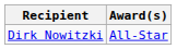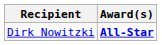 <table class="wikitable">
 <tr>
 <th>Recipient</th>
 <th>Award(s)</th>
 </tr>
 <tr>
 <td><a href='#'>Dirk Nowitzki</a></td>
-<td><a href='#'>All-Star</a></td>
+<td><strong><a href='#'>All-Star</a></strong></td>
 </tr>
 </table>
